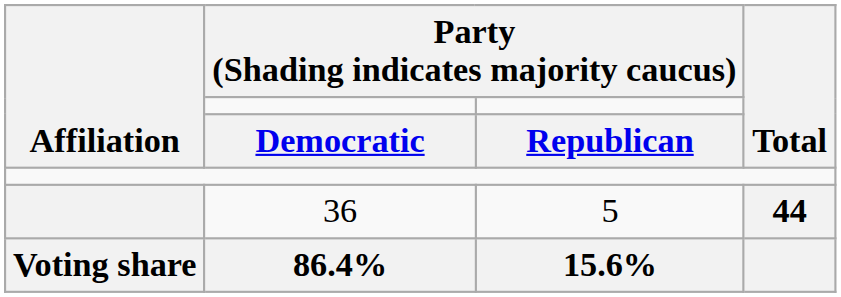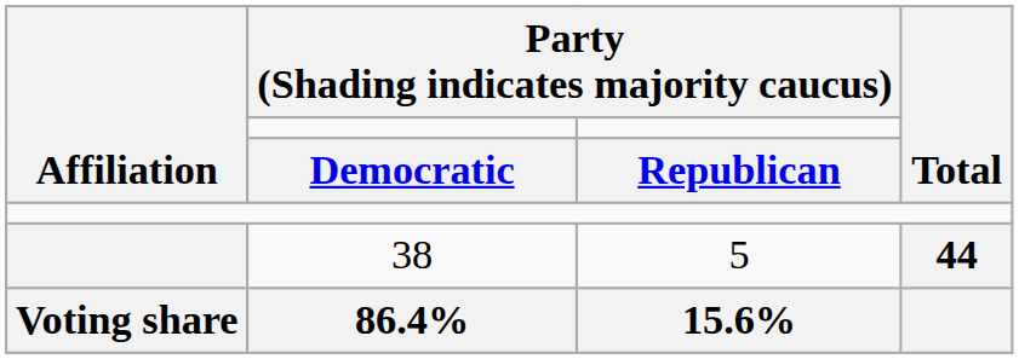 <table class=wikitable style="text-align:center">
 <tr style="vertical-align:bottom;">
 <th rowspan=3>Affiliation</th>
 <th colspan=2>Party <div>(Shading indicates majority caucus)</div></th>
 <th rowspan=3>Total</th>
 </tr>
 <tr style="height:5px">
 <td style="background-color:"></td>
 <td style="background-color:"></td>
 </tr>
 <tr>
 <th><a href='#'>Democratic</a></th>
 <th><a href='#'>Republican</a></th>
 </tr>
 <tr>
 <td colspan=5></td>
 </tr>
 <tr>
 <th nowrap style="font-size:80%"></th>
-<td>36</td>
+<td>38</td>
 <td>5</td>
 <th>44</th>
 </tr>
 <tr>
 <th>Voting share</th>
 <th>86.4%</th>
 <th>15.6%</th>
 <th colspan=2></th>
 </tr>
 </table>
